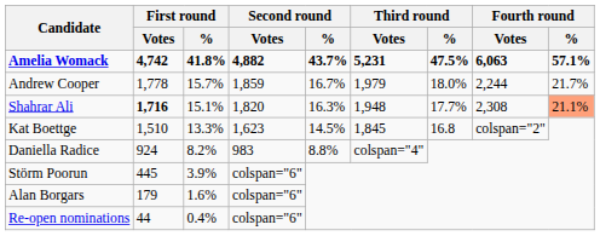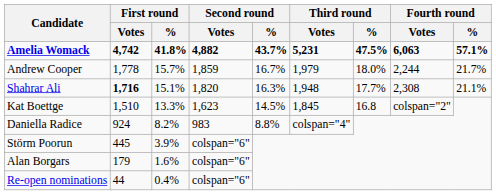 <table class="wikitable" text-align:right"|>
 <tr>
 <th rowspan=2>Candidate</th>
 <th colspan="2">First round</th>
 <th colspan="2">Second round</th>
 <th colspan="2">Third round</th>
 <th colspan="2">Fourth round</th>
 </tr>
 <tr>
 <th style="width: 50px">Votes</th>
 <th style="width: 40px">%</th>
 <th style="width: 50px">Votes</th>
 <th style="width: 40px">%</th>
 <th style="width: 50px">Votes</th>
 <th style="width: 40px">%</th>
 <th style="width: 50px">Votes</th>
 <th style="width: 40px">%</th>
 </tr>
 <tr>
 <td><strong><a href='#'>Amelia Womack</a></strong></td>
 <td><strong>4,742</strong></td>
 <td><strong>41.8%</strong></td>
 <td><strong>4,882</strong></td>
 <td><strong>43.7%</strong></td>
 <td><strong>5,231</strong></td>
 <td><strong>47.5%</strong></td>
 <td><strong>6,063</strong></td>
 <td><strong>57.1%</strong></td>
 </tr>
 <tr>
 <td>Andrew Cooper</td>
 <td>1,778</td>
 <td>15.7%</td>
 <td>1,859</td>
 <td>16.7%</td>
 <td>1,979</td>
 <td>18.0%</td>
 <td>2,244</td>
 <td>21.7%</td>
 </tr>
 <tr>
 <td><a href='#'>Shahrar Ali</a></td>
 <td><strong>1,716</strong></td>
 <td>15.1%</td>
 <td>1,820</td>
 <td>16.3%</td>
 <td>1,948</td>
 <td>17.7%</td>
 <td>2,308</td>
-<td style="background: lightsalmon;">21.1%</td>
+<td>21.1%</td>
 </tr>
 <tr>
 <td>Kat Boettge</td>
 <td>1,510</td>
 <td>13.3%</td>
 <td>1,623</td>
 <td>14.5%</td>
 <td>1,845</td>
 <td>16.8</td>
 <td>colspan="2" </td>
 </tr>
 <tr>
 <td>Daniella Radice</td>
 <td>924</td>
 <td>8.2%</td>
 <td>983</td>
 <td>8.8%</td>
 <td>colspan="4" </td>
 </tr>
 <tr>
 <td>Störm Poorun</td>
 <td>445</td>
 <td>3.9%</td>
 <td>colspan="6" </td>
 </tr>
 <tr>
 <td>Alan Borgars</td>
 <td>179</td>
 <td>1.6%</td>
 <td>colspan="6" </td>
 </tr>
 <tr>
 <td><a href='#'>Re-open nominations</a></td>
 <td>44</td>
 <td>0.4%</td>
 <td>colspan="6" </td>
 </tr>
 </table>
